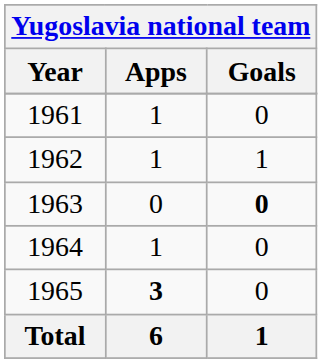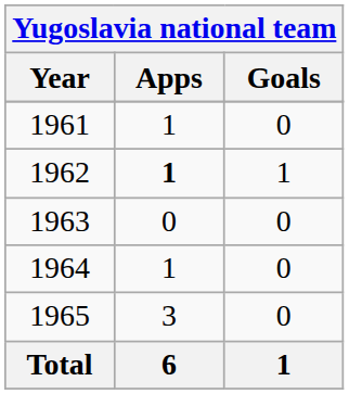 <table class="wikitable" style="text-align:center">
 <tr>
 <th colspan=3><a href='#'>Yugoslavia national team</a></th>
 </tr>
 <tr>
 <th>Year</th>
 <th>Apps</th>
 <th>Goals</th>
 </tr>
 <tr>
 </tr>
 <tr>
 <td>1961</td>
 <td>1</td>
 <td>0</td>
 </tr>
 <tr>
 <td>1962</td>
-<td>1</td>
+<td><strong>1</strong></td>
 <td>1</td>
 </tr>
 <tr>
 <td>1963</td>
 <td>0</td>
-<td><strong>0</strong></td>
+<td>0</td>
 </tr>
 <tr>
 <td>1964</td>
 <td>1</td>
 <td>0</td>
 </tr>
 <tr>
 <td>1965</td>
-<td><strong>3</strong></td>
+<td>3</td>
 <td>0</td>
 </tr>
 <tr>
 <th>Total</th>
 <th>6</th>
 <th>1</th>
 </tr>
 </table>
